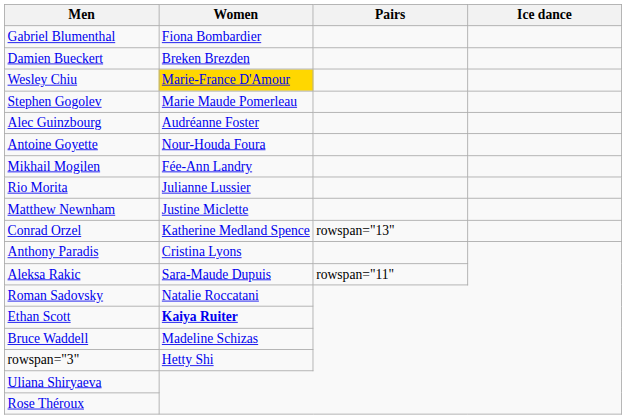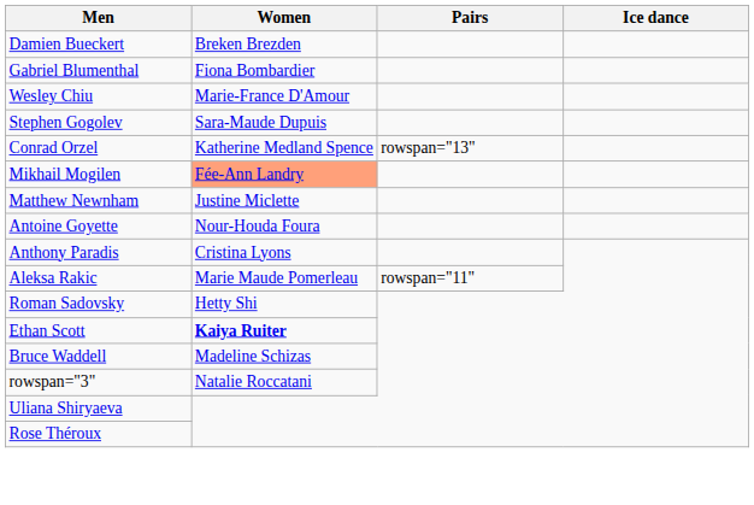 <table class="wikitable unsortable" style="text-align:left;">
 <tr>
 <th scope="col" style="width:25%">Men</th>
 <th scope="col" style="width:25%">Women</th>
 <th scope="col" style="width:25%">Pairs</th>
 <th scope="col" style="width:25%">Ice dance</th>
 </tr>
 <tr>
+<td><a href='#'>Damien Bueckert</a></td>
+<td><a href='#'>Breken Brezden</a></td>
+<td></td>
+<td></td>
+</tr>
+<tr>
 <td><a href='#'>Gabriel Blumenthal</a></td>
 <td><a href='#'>Fiona Bombardier</a></td>
 <td></td>
 <td></td>
 </tr>
 <tr>
-<td><a href='#'>Damien Bueckert</a></td>
-<td><a href='#'>Breken Brezden</a></td>
-<td></td>
-<td></td>
-</tr>
-<tr>
 <td><a href='#'>Wesley Chiu</a></td>
-<td style="background: gold;"><a href='#'>Marie-France D'Amour</a></td>
+<td><a href='#'>Marie-France D'Amour</a></td>
 <td></td>
 <td></td>
 </tr>
 <tr>
 <td><a href='#'>Stephen Gogolev</a></td>
-<td><a href='#'>Marie Maude Pomerleau</a></td>
+<td><a href='#'>Sara-Maude Dupuis</a></td>
 <td></td>
 <td></td>
 </tr>
 <tr>
-<td><a href='#'>Alec Guinzbourg</a></td>
-<td><a href='#'>Audréanne Foster</a></td>
+<td><a href='#'>Conrad Orzel</a></td>
+<td><a href='#'>Katherine Medland Spence</a></td>
+<td>rowspan="13" </td>
+<td></td>
+</tr>
+<tr>
+<td><a href='#'>Mikhail Mogilen</a></td>
+<td style="background: lightsalmon;"><a href='#'>Fée-Ann Landry</a></td>
+<td></td>
+<td></td>
+</tr>
+<tr>
+<td><a href='#'>Matthew Newnham</a></td>
+<td><a href='#'>Justine Miclette</a></td>
 <td></td>
 <td></td>
 </tr>
 <tr>
 <td><a href='#'>Antoine Goyette</a></td>
 <td><a href='#'>Nour-Houda Foura</a></td>
 <td></td>
 <td></td>
 </tr>
 <tr>
-<td><a href='#'>Mikhail Mogilen</a></td>
-<td><a href='#'>Fée-Ann Landry</a></td>
-<td></td>
-<td></td>
-</tr>
-<tr>
-<td><a href='#'>Rio Morita</a></td>
-<td><a href='#'>Julianne Lussier</a></td>
-<td></td>
-<td></td>
-</tr>
-<tr>
-<td><a href='#'>Matthew Newnham</a></td>
-<td><a href='#'>Justine Miclette</a></td>
-<td></td>
-<td></td>
-</tr>
-<tr>
-<td><a href='#'>Conrad Orzel</a></td>
-<td><a href='#'>Katherine Medland Spence</a></td>
-<td>rowspan="13" </td>
-<td></td>
-</tr>
-<tr>
 <td><a href='#'>Anthony Paradis</a></td>
 <td><a href='#'>Cristina Lyons</a></td>
 <td></td>
 </tr>
 <tr>
 <td><a href='#'>Aleksa Rakic</a></td>
-<td><a href='#'>Sara-Maude Dupuis</a></td>
+<td><a href='#'>Marie Maude Pomerleau</a></td>
 <td>rowspan="11" </td>
 </tr>
 <tr>
 <td><a href='#'>Roman Sadovsky</a></td>
-<td><a href='#'>Natalie Roccatani</a></td>
+<td><a href='#'>Hetty Shi</a></td>
 </tr>
 <tr>
 <td><a href='#'>Ethan Scott</a></td>
 <td><strong><a href='#'>Kaiya Ruiter</a></strong></td>
 </tr>
 <tr>
 <td><a href='#'>Bruce Waddell</a></td>
 <td><a href='#'>Madeline Schizas</a></td>
 </tr>
 <tr>
 <td>rowspan="3" </td>
-<td><a href='#'>Hetty Shi</a></td>
+<td><a href='#'>Natalie Roccatani</a></td>
 </tr>
 <tr>
 <td><a href='#'>Uliana Shiryaeva</a></td>
 </tr>
 <tr>
 <td><a href='#'>Rose Théroux</a></td>
 </tr>
 </table>
